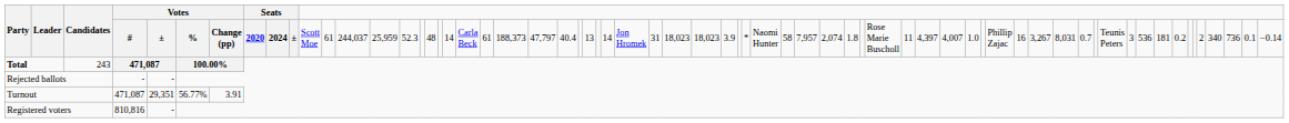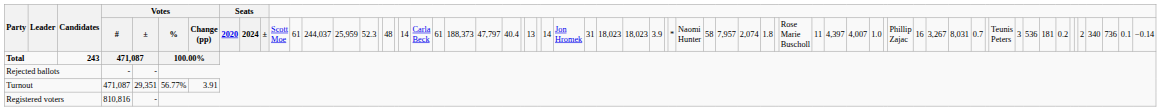 <table class="wikitable" style="text-align:right; font-size:85%">
 <tr>
 <th rowspan="2" colspan="2" style="width:15%">Party</th>
 <th rowspan="2">Leader</th>
 <th rowspan="2">Candidates</th>
 <th colspan="6">Votes</th>
 <th colspan="3">Seats</th>
 </tr>
 <tr>
 <th>#</th>
 <th>±</th>
 <th>%</th>
 <th colspan="3">Change (pp)</th>
 <th><a href='#'>2020</a></th>
 <th>2024</th>
 <th>±<br></th>
 <td align=left><a href='#'>Scott Moe</a></td>
 <td>61</td>
 <td>244,037</td>
 <td>25,959</td>
 <td>52.3</td>
 <td></td>
 <td>48</td>
 <td></td>
 <td>14<br></td>
 <td align=left><a href='#'>Carla Beck</a></td>
 <td>61</td>
 <td>188,373</td>
 <td>47,797</td>
 <td>40.4</td>
 <td></td>
 <td>13</td>
 <td></td>
 <td>14<br></td>
 <td align=left><a href='#'>Jon Hromek</a></td>
 <td>31</td>
 <td>18,023</td>
 <td>18,023</td>
 <td>3.9</td>
 <td></td>
 <td>*<br></td>
 <td align=left>Naomi Hunter</td>
 <td>58</td>
 <td>7,957</td>
 <td>2,074</td>
 <td>1.8</td>
 <td><br></td>
 <td align=left>Rose Marie Buscholl</td>
 <td>11</td>
 <td>4,397</td>
 <td>4,007</td>
 <td>1.0</td>
 <td><br></td>
 <td align=left>Phillip Zajac</td>
 <td>16</td>
 <td>3,267</td>
 <td>8,031</td>
 <td>0.7</td>
 <td><br></td>
 <td align=left>Teunis Peters</td>
 <td>3</td>
 <td>536</td>
 <td>181</td>
 <td>0.2</td>
 <td><br></td>
 <td align=left></td>
 <td>2</td>
 <td>340</td>
 <td>736</td>
 <td>0.1</td>
 <td>−0.14</td>
 </tr>
 <tr>
 <td colspan="3" style="text-align: left;"><strong>Total</strong></td>
-<td>243</td>
+<td><strong>243</strong></td>
 <th colspan="2">471,087</th>
 <th colspan="2">100.00%</th>
 </tr>
 <tr>
 <td colspan="4" style="text-align:left;">Rejected ballots</td>
 <td>-</td>
 <td>-</td>
 </tr>
 <tr>
 <td colspan="4" style="text-align:left;">Turnout</td>
 <td>471,087</td>
 <td>29,351</td>
 <td>56.77%</td>
 <td>3.91</td>
 </tr>
 <tr>
 <td colspan="4" style="text-align:left;">Registered voters</td>
 <td>810,816</td>
 <td>-</td>
 </tr>
 </table>
